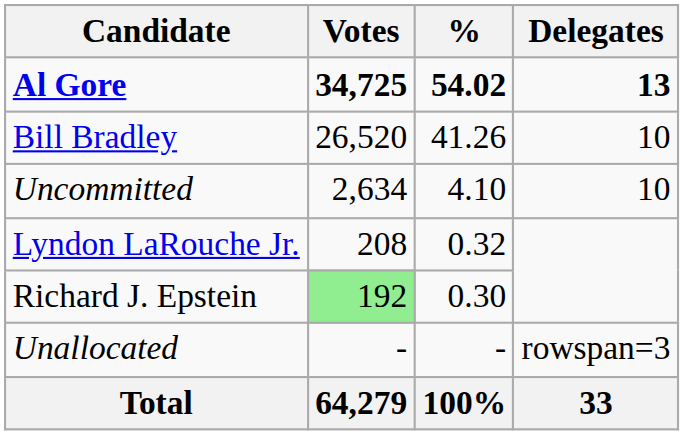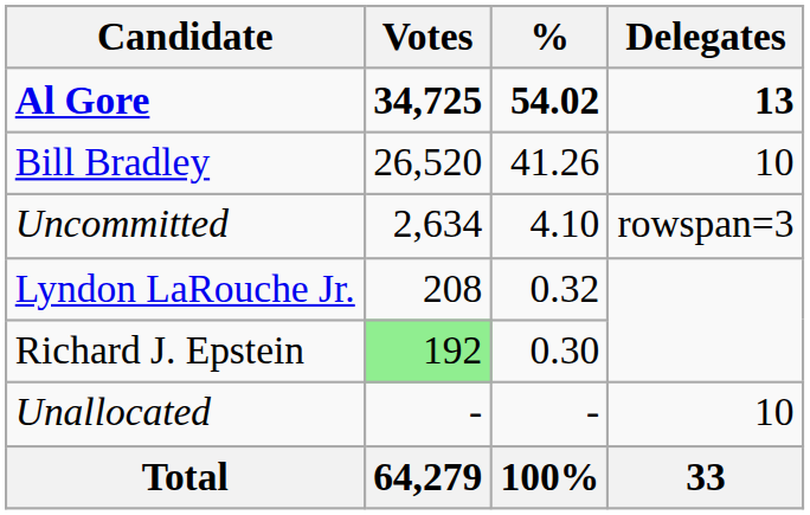 <table class="wikitable sortable" style="text-align:right;">
 <tr>
 <th>Candidate</th>
 <th>Votes</th>
 <th>%</th>
 <th>Delegates</th>
 </tr>
 <tr>
 <td style="text-align:left;" data-sort-value="Gore, Al"><strong><a href='#'>Al Gore</a></strong></td>
 <td><strong>34,725</strong></td>
 <td><strong>54.02</strong></td>
 <td><strong>13</strong></td>
 </tr>
 <tr>
 <td style="text-align:left;" data-sort-value="Bradley, Bill"><a href='#'>Bill Bradley</a></td>
 <td>26,520</td>
 <td>41.26</td>
 <td>10</td>
 </tr>
 <tr>
 <td style="text-align:left;" data-sort-value="ZZZ"><em>Uncommitted</em></td>
 <td>2,634</td>
 <td>4.10</td>
-<td>10</td>
+<td>rowspan=3 </td>
 </tr>
 <tr>
 <td style="text-align:left;" data-sort-value="LaRouche Jr., Lyndon"><a href='#'>Lyndon LaRouche Jr.</a></td>
 <td>208</td>
 <td>0.32</td>
 </tr>
 <tr>
 <td style="text-align:left;" data-sort-value="Epstein, Richard J.">Richard J. Epstein</td>
 <td style="background: lightgreen;">192</td>
 <td>0.30</td>
 </tr>
 <tr>
 <td style="text-align:left;" data-sort-value="ZZZ"><em>Unallocated</em></td>
 <td>-</td>
 <td>-</td>
-<td>rowspan=3 </td>
+<td>10</td>
 </tr>
 <tr>
 <th>Total</th>
 <th>64,279</th>
 <th>100%</th>
 <th>33</th>
 </tr>
 </table>
